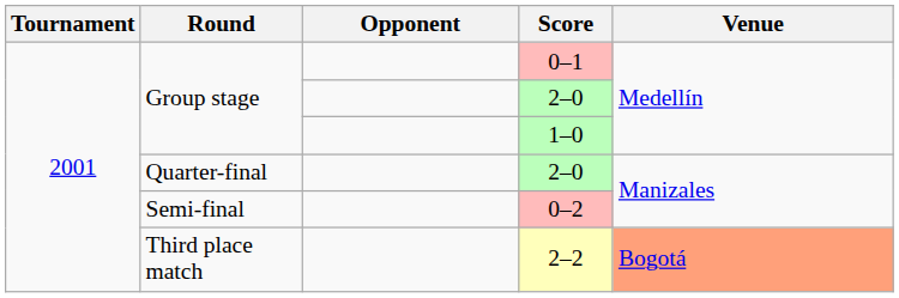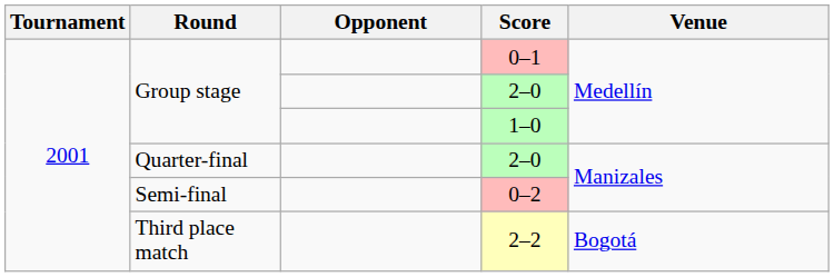 <table class="wikitable mw-collapsible mw-collapsed" style="text-align:left;">
 <tr>
 <th>Tournament</th>
 <th width=110>Round</th>
 <th width=150>Opponent</th>
 <th width=60>Score</th>
 <th width=200>Venue</th>
 </tr>
 <tr>
 <td rowspan="6" align=center> <a href='#'>2001</a></td>
 <td rowspan="3">Group stage</td>
 <td></td>
 <td align=center bgcolor="#ffbbbb">0–1</td>
 <td rowspan=3><a href='#'>Medellín</a></td>
 </tr>
 <tr>
 <td></td>
 <td align=center bgcolor="#bbffbb">2–0</td>
 </tr>
 <tr>
 <td></td>
 <td align=center bgcolor="#bbffbb">1–0</td>
 </tr>
 <tr>
 <td>Quarter-final</td>
 <td></td>
 <td align=center bgcolor="#bbffbb">2–0</td>
 <td rowspan=2><a href='#'>Manizales</a></td>
 </tr>
 <tr>
 <td>Semi-final</td>
 <td></td>
 <td align=center bgcolor="#ffbbbb">0–2</td>
 </tr>
 <tr>
 <td>Third place match</td>
 <td></td>
 <td align=center bgcolor="#ffffbb">2–2<br></td>
-<td style="background: lightsalmon;"><a href='#'>Bogotá</a></td>
+<td><a href='#'>Bogotá</a></td>
 </tr>
 </table>
